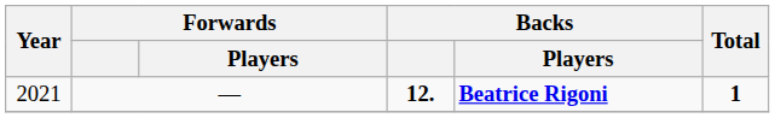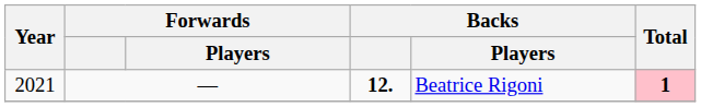 <table class="wikitable">
 <tr>
 <th width=40 rowspan=2>Year</th>
 <th colspan=2>Forwards</th>
 <th colspan=2>Backs</th>
 <th width=40 rowspan=2>Total</th>
 </tr>
 <tr>
 <th width=40></th>
 <th width=170>Players</th>
 <th width=40></th>
 <th width=170>Players</th>
 </tr>
 <tr>
 <td align=center>2021</td>
 <td align=center colspan=2>—</td>
 <td align=center><strong>12.</strong></td>
-<td><strong><a href='#'>Beatrice Rigoni</a></strong></td>
-<td align=center><strong>1</strong></td>
+<td><a href='#'>Beatrice Rigoni</a></td>
+<td align=center style="background: pink;"><strong>1</strong></td>
 </tr>
 <tr>
 </tr>
 </table>
